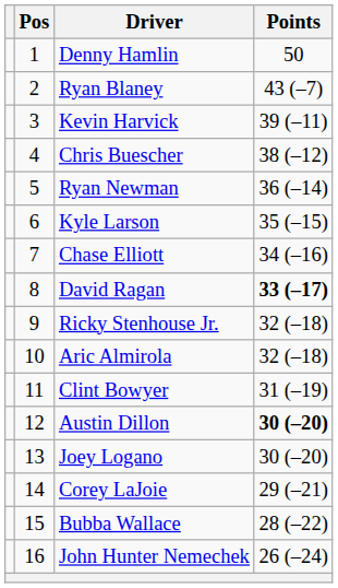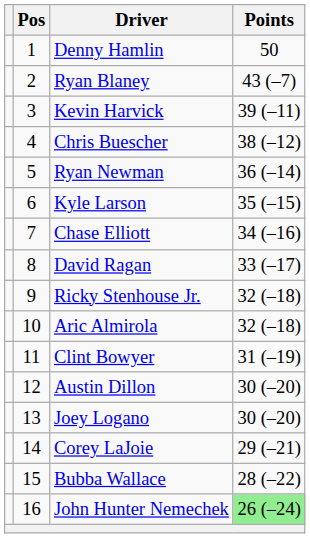 <table class="wikitable" style="font-size: 95%">
 <tr>
 <th></th>
 <th>Pos</th>
 <th>Driver</th>
 <th>Points</th>
 </tr>
 <tr>
 <td align="left"></td>
 <td style="text-align:center;">1</td>
 <td><a href='#'>Denny Hamlin</a></td>
 <td style="text-align:center;">50</td>
 </tr>
 <tr>
 <td align="left"></td>
 <td style="text-align:center;">2</td>
 <td><a href='#'>Ryan Blaney</a></td>
 <td style="text-align:center;">43 (–7)</td>
 </tr>
 <tr>
 <td align="left"></td>
 <td style="text-align:center;">3</td>
 <td><a href='#'>Kevin Harvick</a></td>
 <td style="text-align:center;">39 (–11)</td>
 </tr>
 <tr>
 <td align="left"></td>
 <td style="text-align:center;">4</td>
 <td><a href='#'>Chris Buescher</a></td>
 <td style="text-align:center;">38 (–12)</td>
 </tr>
 <tr>
 <td align="left"></td>
 <td style="text-align:center;">5</td>
 <td><a href='#'>Ryan Newman</a></td>
 <td style="text-align:center;">36 (–14)</td>
 </tr>
 <tr>
 <td align="left"></td>
 <td style="text-align:center;">6</td>
 <td><a href='#'>Kyle Larson</a></td>
 <td style="text-align:center;">35 (–15)</td>
 </tr>
 <tr>
 <td align="left"></td>
 <td style="text-align:center;">7</td>
 <td><a href='#'>Chase Elliott</a></td>
 <td style="text-align:center;">34 (–16)</td>
 </tr>
 <tr>
 <td align="left"></td>
 <td style="text-align:center;">8</td>
 <td><a href='#'>David Ragan</a></td>
-<td style="text-align:center;"><strong>33 (–17)</strong></td>
+<td style="text-align:center;">33 (–17)</td>
 </tr>
 <tr>
 <td align="left"></td>
 <td style="text-align:center;">9</td>
 <td><a href='#'>Ricky Stenhouse Jr.</a></td>
 <td style="text-align:center;">32 (–18)</td>
 </tr>
 <tr>
 <td align="left"></td>
 <td style="text-align:center;">10</td>
 <td><a href='#'>Aric Almirola</a></td>
 <td style="text-align:center;">32 (–18)</td>
 </tr>
 <tr>
 <td align="left"></td>
 <td style="text-align:center;">11</td>
 <td><a href='#'>Clint Bowyer</a></td>
 <td style="text-align:center;">31 (–19)</td>
 </tr>
 <tr>
 <td align="left"></td>
 <td style="text-align:center;">12</td>
 <td><a href='#'>Austin Dillon</a></td>
-<td style="text-align:center;"><strong>30 (–20)</strong></td>
+<td style="text-align:center;">30 (–20)</td>
 </tr>
 <tr>
 <td align="left"></td>
 <td style="text-align:center;">13</td>
 <td><a href='#'>Joey Logano</a></td>
 <td style="text-align:center;">30 (–20)</td>
 </tr>
 <tr>
 <td align="left"></td>
 <td style="text-align:center;">14</td>
 <td><a href='#'>Corey LaJoie</a></td>
 <td style="text-align:center;">29 (–21)</td>
 </tr>
 <tr>
 <td align="left"></td>
 <td style="text-align:center;">15</td>
 <td><a href='#'>Bubba Wallace</a></td>
 <td style="text-align:center;">28 (–22)</td>
 </tr>
 <tr>
 <td align="left"></td>
 <td style="text-align:center;">16</td>
 <td><a href='#'>John Hunter Nemechek</a></td>
-<td style="text-align:center;">26 (–24)</td>
+<td style="background: lightgreen; text-align:center;">26 (–24)</td>
 </tr>
 <tr class="sortbottom">
 <th colspan="9"></th>
 </tr>
 </table>
